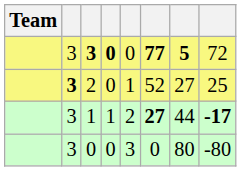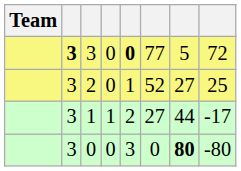 <table class="wikitable" style="text-align: center;">
 <tr>
 <th>Team</th>
 <th></th>
 <th></th>
 <th></th>
 <th></th>
 <th></th>
 <th></th>
 <th></th>
 </tr>
 <tr bgcolor="#F8F880">
 <td align="left"></td>
+<td><strong>3</strong></td>
 <td>3</td>
-<td><strong>3</strong></td>
+<td>0</td>
 <td><strong>0</strong></td>
-<td>0</td>
-<td><strong>77</strong></td>
-<td><strong>5</strong></td>
+<td>77</td>
+<td>5</td>
 <td>72</td>
 </tr>
 <tr bgcolor="#F8F880">
 <td align="left"></td>
-<td><strong>3</strong></td>
+<td>3</td>
 <td>2</td>
 <td>0</td>
 <td>1</td>
 <td>52</td>
 <td>27</td>
 <td>25</td>
 </tr>
 <tr bgcolor="ccffcc">
 <td align="left"></td>
 <td>3</td>
 <td>1</td>
 <td>1</td>
 <td>2</td>
-<td><strong>27</strong></td>
+<td>27</td>
 <td>44</td>
-<td><strong>-17</strong></td>
+<td>-17</td>
 </tr>
 <tr bgcolor="ccffcc">
 <td align="left"></td>
 <td>3</td>
 <td>0</td>
 <td>0</td>
 <td>3</td>
 <td>0</td>
-<td>80</td>
+<td><strong>80</strong></td>
 <td>-80</td>
 </tr>
 </table>
